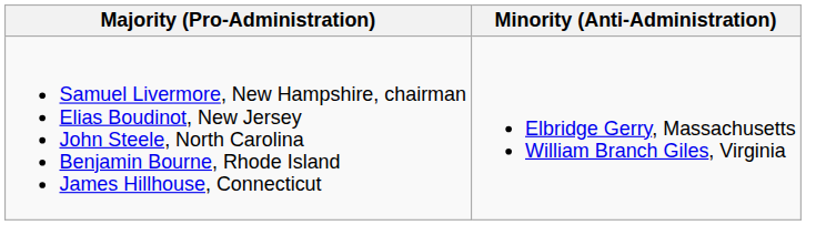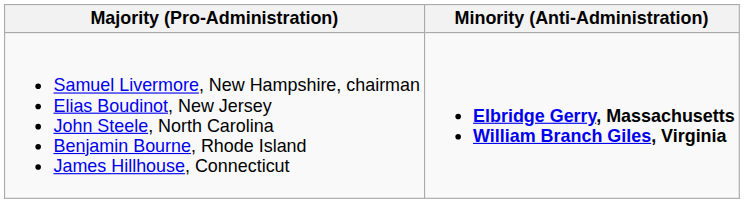 <table class=wikitable>
 <tr>
 <th>Majority (Pro-Administration)</th>
 <th>Minority (Anti-Administration)</th>
 </tr>
 <tr>
 <td><br><ul><li><a href='#'>Samuel Livermore</a>, New Hampshire, chairman</li><li><a href='#'>Elias Boudinot</a>, New Jersey</li><li><a href='#'>John Steele</a>, North Carolina</li><li><a href='#'>Benjamin Bourne</a>, Rhode Island</li><li><a href='#'>James Hillhouse</a>, Connecticut</li></ul></td>
-<td><br><ul><li><a href='#'>Elbridge Gerry</a>, Massachusetts</li><li><a href='#'>William Branch Giles</a>, Virginia</li></ul></td>
+<td><strong><br><ul><li><a href='#'>Elbridge Gerry</a>, Massachusetts</li><li><a href='#'>William Branch Giles</a>, Virginia</li></ul></strong></td>
 </tr>
 </table>
